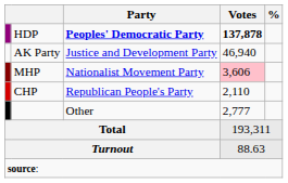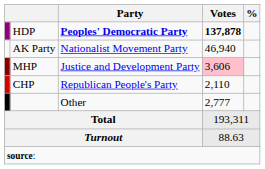 <table class="wikitable">
 <tr>
 <th colspan="2" align="center"></th>
 <th align="center">Party</th>
 <th align="center">Votes</th>
 <th align="center">%</th>
 </tr>
 <tr align="left">
 <td bgcolor="#91007B" width="1"></td>
 <td>HDP</td>
 <td><strong><a href='#'>Peoples' Democratic Party</a></strong></td>
 <td><strong>137,878</strong></td>
 <td><strong></strong></td>
 </tr>
 <tr align="left">
 <td></td>
 <td>AK Party</td>
-<td><a href='#'>Justice and Development Party</a></td>
+<td><a href='#'>Nationalist Movement Party</a></td>
 <td>46,940</td>
 <td></td>
 </tr>
 <tr align="left">
 <td bgcolor="#870000" width="1"></td>
 <td>MHP</td>
-<td><a href='#'>Nationalist Movement Party</a></td>
+<td><a href='#'>Justice and Development Party</a></td>
 <td style="background: pink;">3,606</td>
 <td></td>
 </tr>
 <tr align="left">
 <td bgcolor="#d50000" width="1"></td>
 <td>CHP</td>
 <td><a href='#'>Republican People's Party</a></td>
 <td>2,110</td>
 <td></td>
 </tr>
 <tr align="left">
 <td bgcolor=" " width="1"></td>
 <td></td>
 <td>Other</td>
 <td>2,777</td>
 <td></td>
 </tr>
 <tr align="left" style="background-color:#E9E9E9">
 <th colspan="3" align="center"><strong>Total</strong></th>
 <td colspan="5" align="center">193,311</td>
 </tr>
 <tr align="left" style="background-color:#E9E9E9">
 <th colspan="3" align="center"><em>Turnout</em></th>
 <td colspan="5" align="center">88.63</td>
 </tr>
 <tr>
 <td colspan="9" align="left"><small><strong>source</strong>: </small></td>
 </tr>
 </table>
